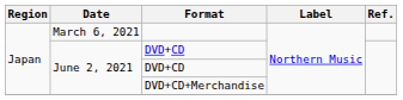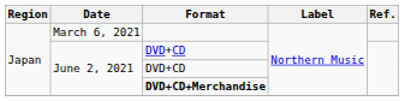 <table class="wikitable sortable plainrowheaders">
 <tr>
 <th scope="col">Region</th>
 <th scope="col">Date</th>
 <th scope="col">Format</th>
 <th scope="col">Label</th>
 <th scope="col">Ref.</th>
 </tr>
 <tr>
 <td rowspan="4">Japan</td>
 <td>March 6, 2021</td>
 <td></td>
 <td rowspan="4"><a href='#'>Northern Music</a></td>
 <td></td>
 </tr>
 <tr>
 <td rowspan="3">June 2, 2021</td>
 <td><a href='#'>DVD</a>+<a href='#'>CD</a> </td>
 <td rowspan="3"></td>
 </tr>
 <tr>
 <td>DVD+CD </td>
 </tr>
 <tr>
-<td>DVD+CD+Merchandise </td>
+<td><strong>DVD+CD+Merchandise </strong></td>
 </tr>
 <tr>
 </tr>
 </table>
